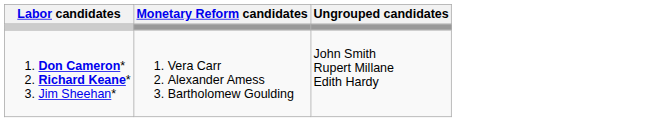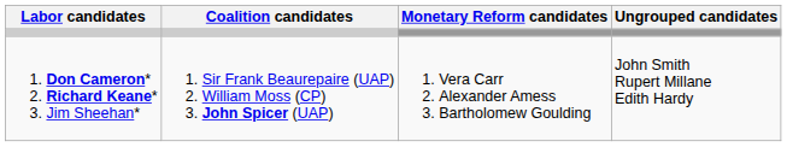 <table class="wikitable">
 <tr>
 <th><a href='#'>Labor</a> candidates</th>
+<th><a href='#'>Coalition</a> candidates</th>
 <th><a href='#'>Monetary Reform</a> candidates</th>
 <th>Ungrouped candidates</th>
 </tr>
 <tr bgcolor="#cccccc">
+<td></td>
 <td></td>
 <td bgcolor="#999999"></td>
 <td bgcolor="#999999"></td>
 </tr>
 <tr>
 <td><br><ol><li><strong><a href='#'>Don Cameron</a></strong>*</li><li><strong><a href='#'>Richard Keane</a></strong>*</li><li><a href='#'>Jim Sheehan</a>*</li></ol></td>
+<td valign=top><br><ol><li><a href='#'>Sir Frank Beaurepaire</a> (<a href='#'>UAP</a>)</li><li><a href='#'>William Moss</a> (<a href='#'>CP</a>)</li><li><strong><a href='#'>John Spicer</a></strong> (<a href='#'>UAP</a>)</li></ol></td>
 <td valign=top><br><ol><li>Vera Carr</li><li>Alexander Amess</li><li>Bartholomew Goulding</li></ol></td>
 <td valign=top><br>John Smith<br> Rupert Millane<br> Edith Hardy</td>
 </tr>
 </table>
